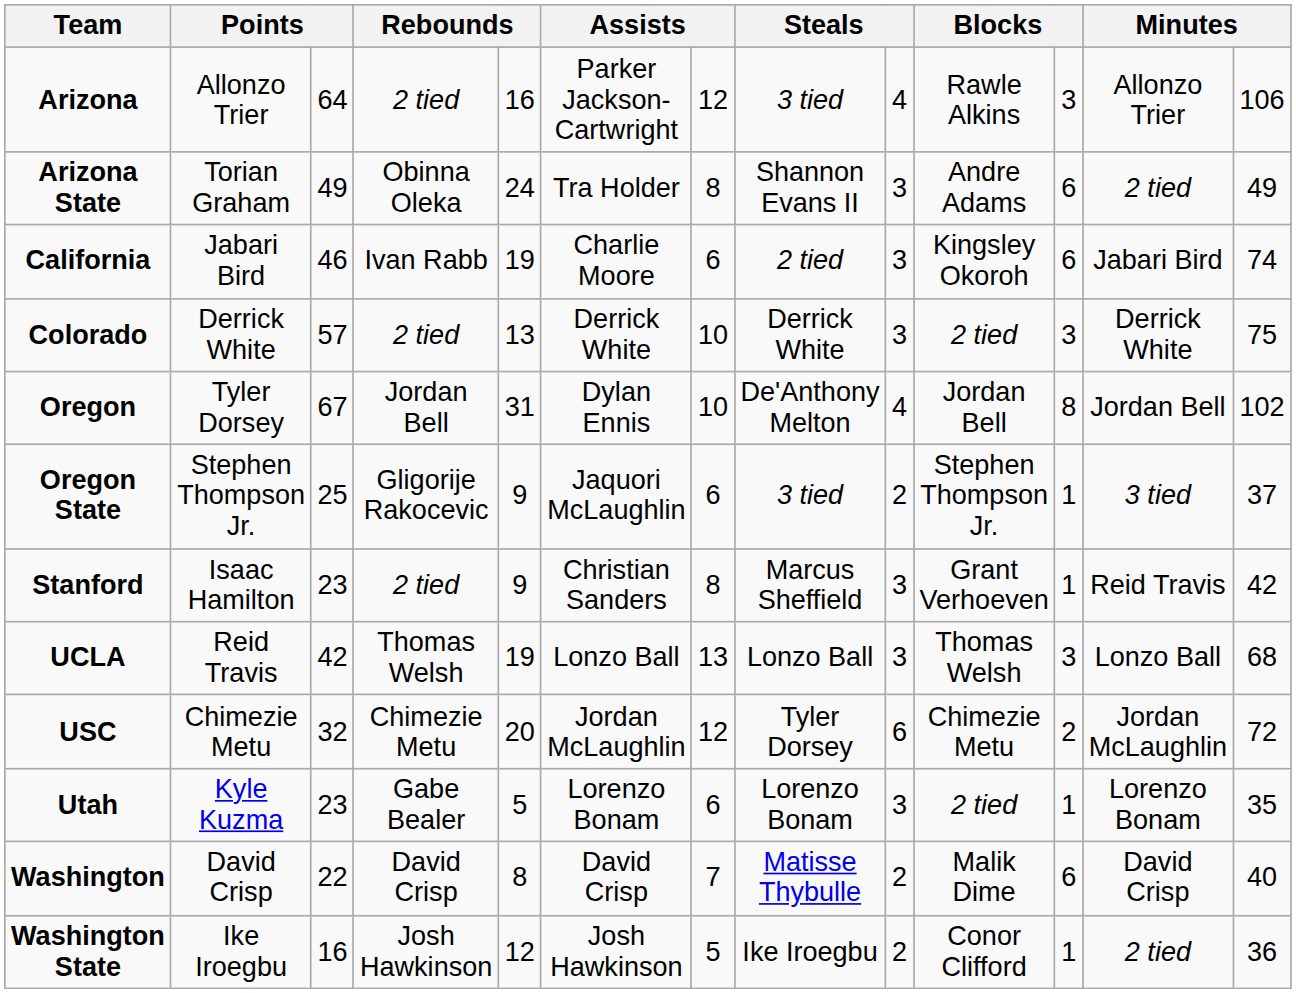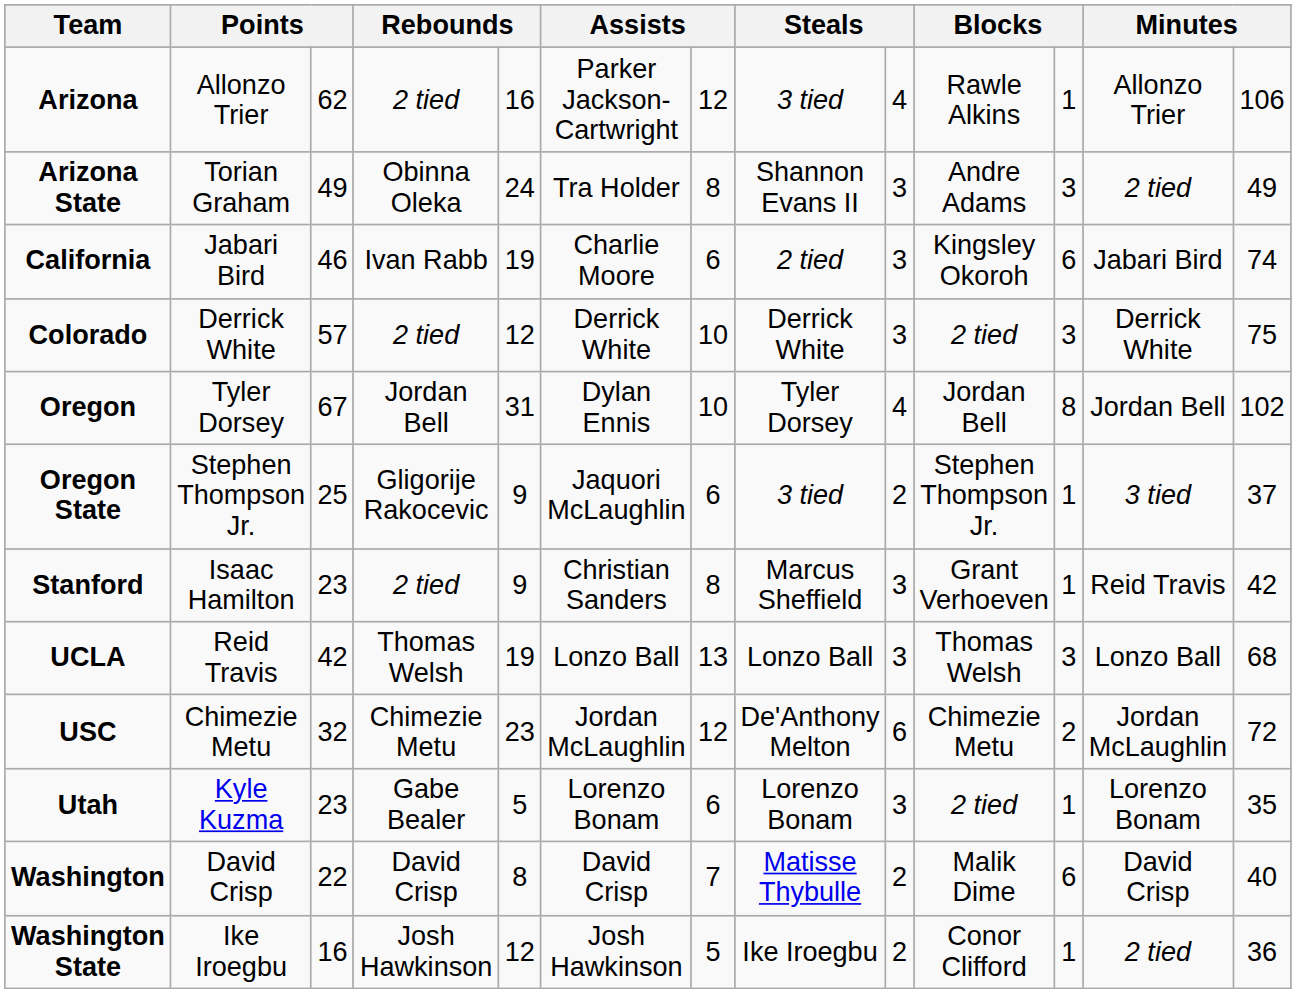 <table class="wikitable" style="text-align:center">
 <tr>
 <th>Team</th>
 <th colspan=2>Points</th>
 <th colspan=2>Rebounds</th>
 <th colspan=2>Assists</th>
 <th colspan=2>Steals</th>
 <th colspan=2>Blocks</th>
 <th colspan=2>Minutes</th>
 </tr>
 <tr>
 <td><strong>Arizona</strong></td>
 <td>Allonzo Trier</td>
-<td>64</td>
+<td>62</td>
 <td><em>2 tied</em></td>
 <td>16</td>
 <td>Parker Jackson-Cartwright</td>
 <td>12</td>
 <td><em>3 tied</em></td>
 <td>4</td>
 <td>Rawle Alkins</td>
-<td>3</td>
+<td>1</td>
 <td>Allonzo Trier</td>
 <td>106</td>
 </tr>
 <tr>
 <td><strong>Arizona State</strong></td>
 <td>Torian Graham</td>
 <td>49</td>
 <td>Obinna Oleka</td>
 <td>24</td>
 <td>Tra Holder</td>
 <td>8</td>
 <td>Shannon Evans II</td>
 <td>3</td>
 <td>Andre Adams</td>
-<td>6</td>
+<td>3</td>
 <td><em>2 tied</em></td>
 <td>49</td>
 </tr>
 <tr>
 <td><strong>California</strong></td>
 <td>Jabari Bird</td>
 <td>46</td>
 <td>Ivan Rabb</td>
 <td>19</td>
 <td>Charlie Moore</td>
 <td>6</td>
 <td><em>2 tied</em></td>
 <td>3</td>
 <td>Kingsley Okoroh</td>
 <td>6</td>
 <td>Jabari Bird</td>
 <td>74</td>
 </tr>
 <tr>
 <td><strong>Colorado</strong></td>
 <td>Derrick White</td>
 <td>57</td>
 <td><em>2 tied</em></td>
-<td>13</td>
+<td>12</td>
 <td>Derrick White</td>
 <td>10</td>
 <td>Derrick White</td>
 <td>3</td>
 <td><em>2 tied</em></td>
 <td>3</td>
 <td>Derrick White</td>
 <td>75</td>
 </tr>
 <tr>
 <td><strong>Oregon</strong></td>
 <td>Tyler Dorsey</td>
 <td>67</td>
 <td>Jordan Bell</td>
 <td>31</td>
 <td>Dylan Ennis</td>
 <td>10</td>
-<td>De'Anthony Melton</td>
+<td>Tyler Dorsey</td>
 <td>4</td>
 <td>Jordan Bell</td>
 <td>8</td>
 <td>Jordan Bell</td>
 <td>102</td>
 </tr>
 <tr>
 <td><strong>Oregon State</strong></td>
 <td>Stephen Thompson Jr.</td>
 <td>25</td>
 <td>Gligorije Rakocevic</td>
 <td>9</td>
 <td>Jaquori McLaughlin</td>
 <td>6</td>
 <td><em>3 tied</em></td>
 <td>2</td>
 <td>Stephen Thompson Jr.</td>
 <td>1</td>
 <td><em>3 tied</em></td>
 <td>37</td>
 </tr>
 <tr>
 <td><strong>Stanford</strong></td>
 <td>Isaac Hamilton</td>
 <td>23</td>
 <td><em>2 tied</em></td>
 <td>9</td>
 <td>Christian Sanders</td>
 <td>8</td>
 <td>Marcus Sheffield</td>
 <td>3</td>
 <td>Grant Verhoeven</td>
 <td>1</td>
 <td>Reid Travis</td>
 <td>42</td>
 </tr>
 <tr>
 <td><strong>UCLA</strong></td>
 <td>Reid Travis</td>
 <td>42</td>
 <td>Thomas Welsh</td>
 <td>19</td>
 <td>Lonzo Ball</td>
 <td>13</td>
 <td>Lonzo Ball</td>
 <td>3</td>
 <td>Thomas Welsh</td>
 <td>3</td>
 <td>Lonzo Ball</td>
 <td>68</td>
 </tr>
 <tr>
 <td><strong>USC</strong></td>
 <td>Chimezie Metu</td>
 <td>32</td>
 <td>Chimezie Metu</td>
-<td>20</td>
+<td>23</td>
 <td>Jordan McLaughlin</td>
 <td>12</td>
-<td>Tyler Dorsey</td>
+<td>De'Anthony Melton</td>
 <td>6</td>
 <td>Chimezie Metu</td>
 <td>2</td>
 <td>Jordan McLaughlin</td>
 <td>72</td>
 </tr>
 <tr>
 <td><strong>Utah</strong></td>
 <td><a href='#'>Kyle Kuzma</a></td>
 <td>23</td>
 <td>Gabe Bealer</td>
 <td>5</td>
 <td>Lorenzo Bonam</td>
 <td>6</td>
 <td>Lorenzo Bonam</td>
 <td>3</td>
 <td><em>2 tied</em></td>
 <td>1</td>
 <td>Lorenzo Bonam</td>
 <td>35</td>
 </tr>
 <tr>
 <td><strong>Washington</strong></td>
 <td>David Crisp</td>
 <td>22</td>
 <td>David Crisp</td>
 <td>8</td>
 <td>David Crisp</td>
 <td>7</td>
 <td><a href='#'>Matisse Thybulle</a></td>
 <td>2</td>
 <td>Malik Dime</td>
 <td>6</td>
 <td>David Crisp</td>
 <td>40</td>
 </tr>
 <tr>
 <td><strong>Washington State</strong></td>
 <td>Ike Iroegbu</td>
 <td>16</td>
 <td>Josh Hawkinson</td>
 <td>12</td>
 <td>Josh Hawkinson</td>
 <td>5</td>
 <td>Ike Iroegbu</td>
 <td>2</td>
 <td>Conor Clifford</td>
 <td>1</td>
 <td><em>2 tied</em></td>
 <td>36</td>
 </tr>
 </table>
